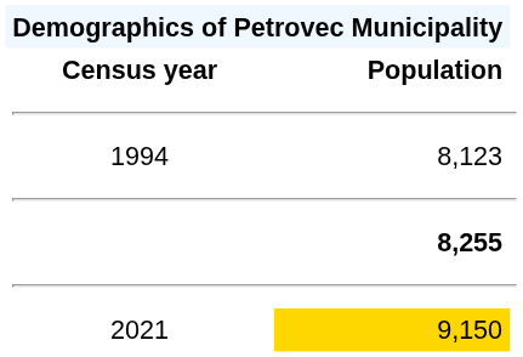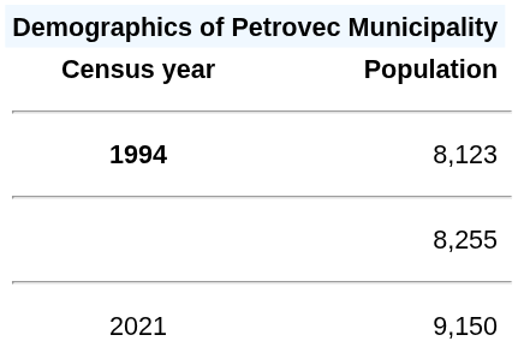 <table class="toccolours" align="center" cellpadding="4" cellspacing="0" style="margin:0 0 1em 1em; font-size: 95%;">
 <tr>
 <th colspan=2 bgcolor="#F0F8FF" align="center">Demographics of <strong>Petrovec Municipality</strong></th>
 <th></th>
 </tr>
 <tr>
 <th align="center">Census year</th>
 <th align="right">Population</th>
 </tr>
 <tr>
 <td colspan=3><hr></td>
 </tr>
 <tr>
-<td align="center">1994</td>
+<td align="center"><strong>1994</strong></td>
 <td align="right">8,123</td>
 </tr>
 <tr>
 <td colspan=3><hr></td>
 </tr>
 <tr>
 <td align="center"></td>
-<td align="right"><strong>8,255</strong></td>
+<td align="right">8,255</td>
 </tr>
 <tr>
 <td colspan=3><hr></td>
 </tr>
 <tr>
 <td align="center">2021</td>
-<td align="right" style="background: gold;">9,150</td>
+<td align="right">9,150</td>
 </tr>
 <tr>
 </tr>
 </table>
